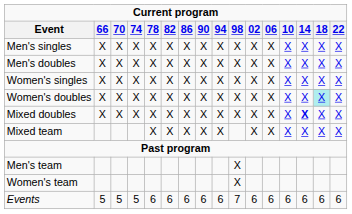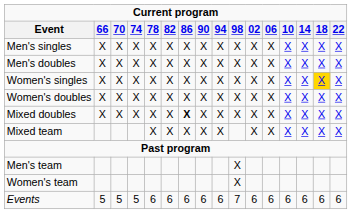 <table class="wikitable" style="text-align:center">
 <tr align=center>
 <td colspan=31 align=center><strong>Current program</strong></td>
 </tr>
 <tr align=center>
 <th>Event</th>
 <th><a href='#'>66</a></th>
 <th><a href='#'>70</a></th>
 <th><a href='#'>74</a></th>
 <th><a href='#'>78</a></th>
 <th><a href='#'>82</a></th>
 <th><a href='#'>86</a></th>
 <th><a href='#'>90</a></th>
 <th><a href='#'>94</a></th>
 <th><a href='#'>98</a></th>
 <th><a href='#'>02</a></th>
 <th><a href='#'>06</a></th>
 <th><a href='#'>10</a></th>
 <th><a href='#'>14</a></th>
 <th><a href='#'>18</a></th>
 <th><a href='#'>22</a></th>
 </tr>
 <tr>
 <td align=left>Men's singles</td>
 <td>X</td>
 <td>X</td>
 <td>X</td>
 <td>X</td>
 <td>X</td>
 <td>X</td>
 <td>X</td>
 <td>X</td>
 <td>X</td>
 <td>X</td>
 <td>X</td>
 <td><a href='#'>X</a></td>
 <td><a href='#'>X</a></td>
 <td><a href='#'>X</a></td>
 <td><a href='#'>X</a></td>
 </tr>
 <tr>
 <td align=left>Men's doubles</td>
 <td>X</td>
 <td>X</td>
 <td>X</td>
 <td>X</td>
 <td>X</td>
 <td>X</td>
 <td>X</td>
 <td>X</td>
 <td>X</td>
 <td>X</td>
 <td>X</td>
 <td><a href='#'>X</a></td>
 <td><a href='#'>X</a></td>
 <td><a href='#'>X</a></td>
 <td><a href='#'>X</a></td>
 </tr>
 <tr>
 <td align=left>Women's singles</td>
 <td>X</td>
 <td>X</td>
 <td>X</td>
 <td>X</td>
 <td>X</td>
 <td>X</td>
 <td>X</td>
 <td>X</td>
 <td>X</td>
 <td>X</td>
 <td>X</td>
 <td><a href='#'>X</a></td>
 <td><a href='#'>X</a></td>
-<td><a href='#'>X</a></td>
+<td style="background: gold;"><a href='#'>X</a></td>
 <td><a href='#'>X</a></td>
 </tr>
 <tr>
 <td align=left>Women's doubles</td>
 <td>X</td>
 <td>X</td>
 <td>X</td>
 <td>X</td>
 <td>X</td>
 <td>X</td>
 <td>X</td>
 <td>X</td>
 <td>X</td>
 <td>X</td>
 <td>X</td>
 <td><a href='#'>X</a></td>
 <td><a href='#'>X</a></td>
-<td style="background: paleturquoise;"><a href='#'>X</a></td>
+<td><a href='#'>X</a></td>
 <td><a href='#'>X</a></td>
 </tr>
 <tr>
 <td align=left>Mixed doubles</td>
 <td>X</td>
 <td>X</td>
 <td>X</td>
 <td>X</td>
 <td>X</td>
-<td>X</td>
+<td><strong>X</strong></td>
 <td>X</td>
 <td>X</td>
 <td>X</td>
 <td>X</td>
 <td>X</td>
 <td><a href='#'>X</a></td>
-<td><strong><a href='#'>X</a></strong></td>
+<td><a href='#'>X</a></td>
 <td><a href='#'>X</a></td>
 <td><a href='#'>X</a></td>
 </tr>
 <tr>
 <td align=left>Mixed team</td>
 <td></td>
 <td></td>
 <td></td>
 <td>X</td>
 <td>X</td>
 <td>X</td>
 <td>X</td>
 <td>X</td>
 <td></td>
 <td>X</td>
 <td>X</td>
 <td><a href='#'>X</a></td>
 <td><a href='#'>X</a></td>
 <td><a href='#'>X</a></td>
 <td><a href='#'>X</a></td>
 </tr>
 <tr align=center>
 <td colspan=31 align=center><strong>Past program</strong></td>
 </tr>
 <tr>
 <td align=left>Men's team</td>
 <td></td>
 <td></td>
 <td></td>
 <td></td>
 <td></td>
 <td></td>
 <td></td>
 <td></td>
 <td>X</td>
 <td></td>
 <td></td>
 <td></td>
 <td></td>
 <td></td>
 <td></td>
 </tr>
 <tr>
 <td align=left>Women's team</td>
 <td></td>
 <td></td>
 <td></td>
 <td></td>
 <td></td>
 <td></td>
 <td></td>
 <td></td>
 <td>X</td>
 <td></td>
 <td></td>
 <td></td>
 <td></td>
 <td></td>
 <td></td>
 </tr>
 <tr>
 <td align=left><em>Events</em></td>
 <td>5</td>
 <td>5</td>
 <td>5</td>
 <td>6</td>
 <td>6</td>
 <td>6</td>
 <td>6</td>
 <td>6</td>
 <td>7</td>
 <td>6</td>
 <td>6</td>
 <td>6</td>
 <td>6</td>
 <td>6</td>
 <td>6</td>
 </tr>
 </table>
